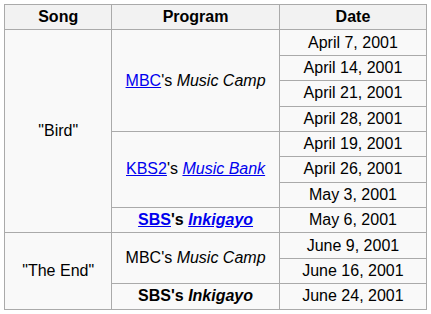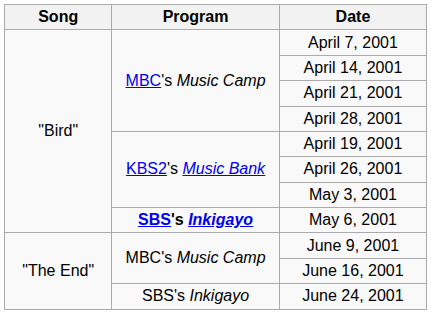 <table class="wikitable" style="text-align:center">
 <tr>
 <th width="100">Song</th>
 <th width="160">Program</th>
 <th width="140">Date</th>
 </tr>
 <tr>
 <td rowspan="8">"Bird"</td>
 <td rowspan="4"><a href='#'>MBC</a>'s <em>Music Camp</em></td>
 <td>April 7, 2001</td>
 </tr>
 <tr>
 <td>April 14, 2001</td>
 </tr>
 <tr>
 <td>April 21, 2001</td>
 </tr>
 <tr>
 <td>April 28, 2001</td>
 </tr>
 <tr>
 <td rowspan="3"><a href='#'>KBS2</a>'s <em><a href='#'>Music Bank</a></em></td>
 <td>April 19, 2001</td>
 </tr>
 <tr>
 <td>April 26, 2001</td>
 </tr>
 <tr>
 <td>May 3, 2001</td>
 </tr>
 <tr>
 <td><strong><a href='#'>SBS</a>'s <em><a href='#'>Inkigayo</a></em></strong></td>
 <td>May 6, 2001</td>
 </tr>
 <tr>
 <td rowspan="3">"The End"</td>
 <td rowspan="2">MBC's <em>Music Camp</em></td>
 <td>June 9, 2001</td>
 </tr>
 <tr>
 <td>June 16, 2001</td>
 </tr>
 <tr>
-<td><strong>SBS's <em>Inkigayo</em></strong></td>
+<td>SBS's <em>Inkigayo</em></td>
 <td>June 24, 2001</td>
 </tr>
 </table>
